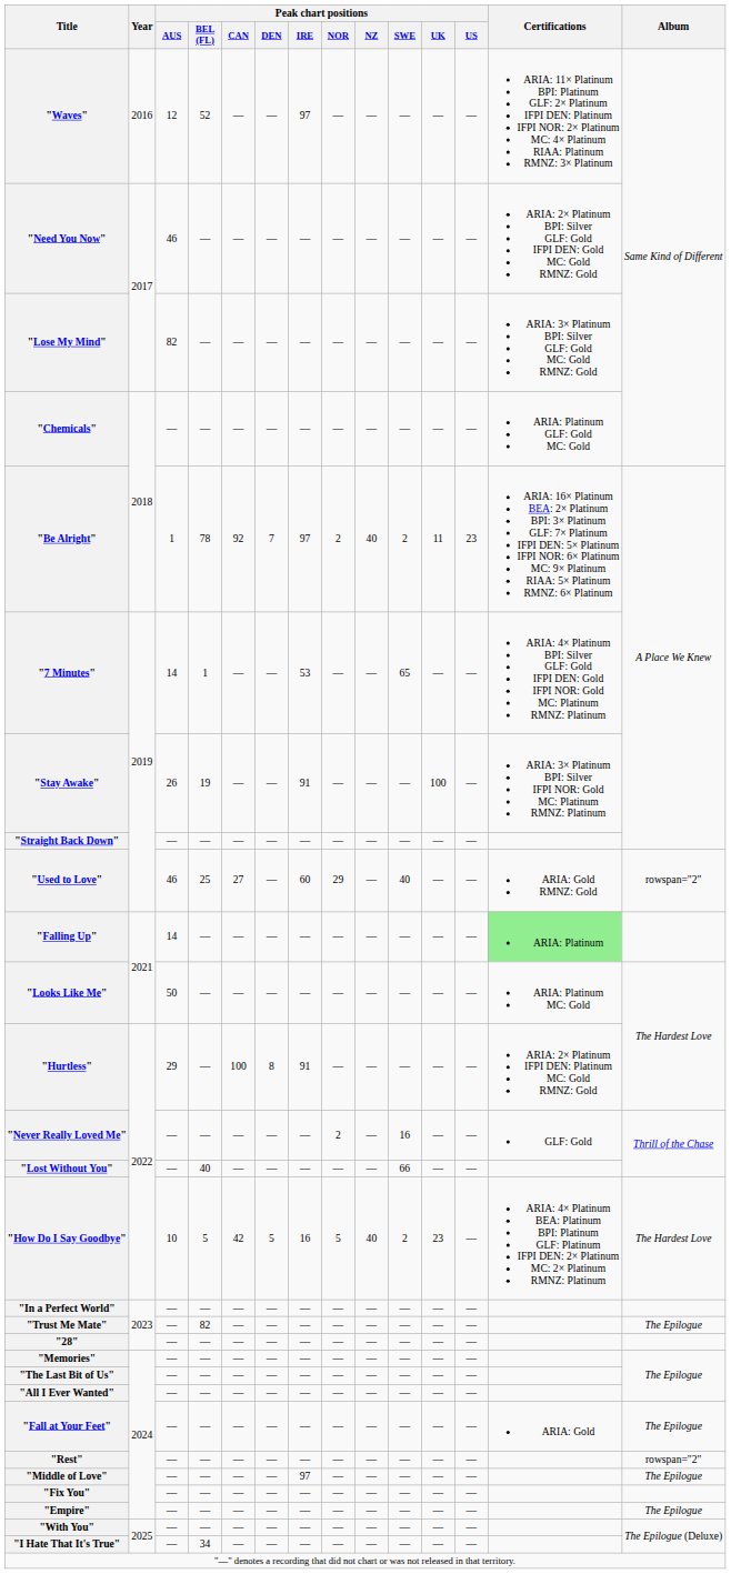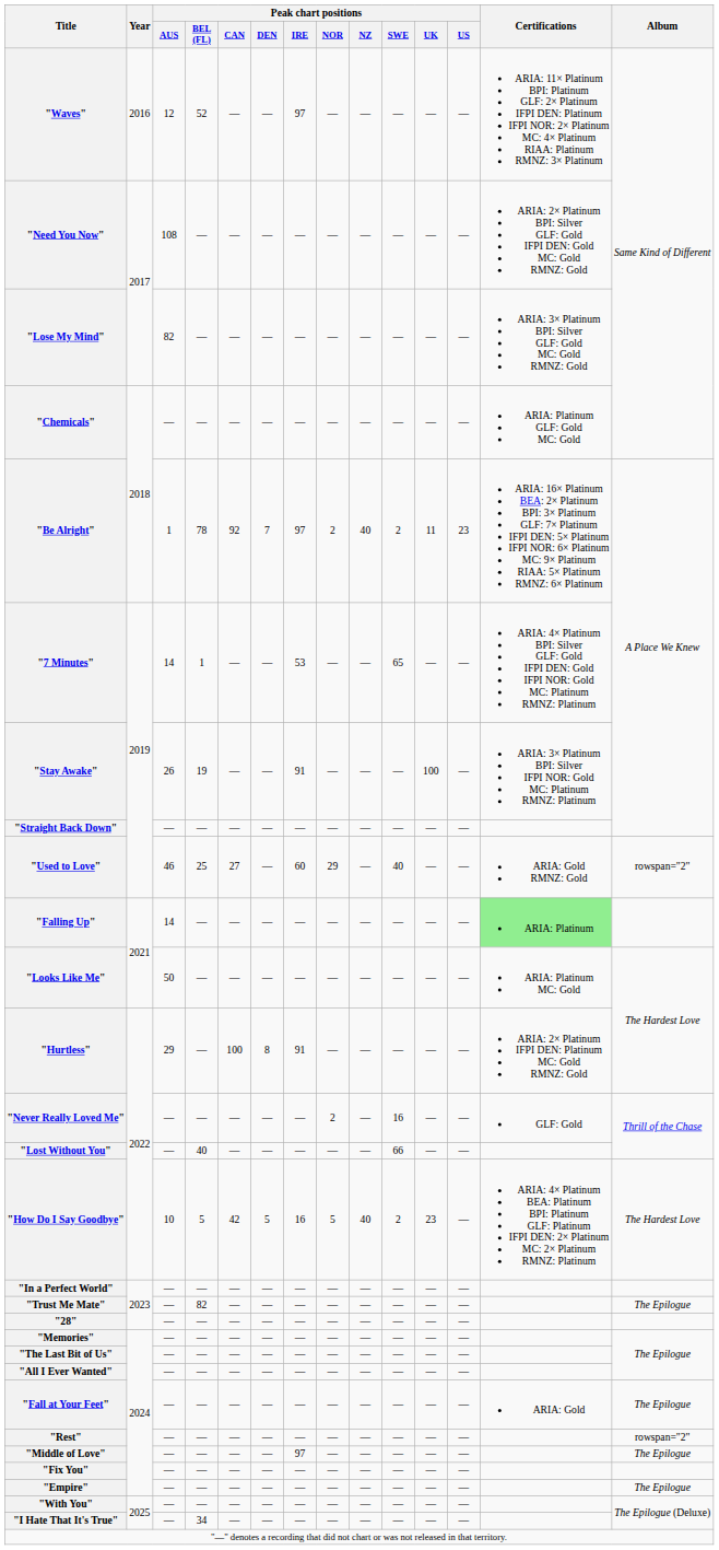 <table class="wikitable plainrowheaders" style="text-align:center;">
 <tr>
 <th scope="col" rowspan="2">Title</th>
 <th scope="col" rowspan="2">Year</th>
 <th scope="col" colspan="10">Peak chart positions</th>
 <th scope="col" rowspan="2">Certifications</th>
 <th scope="col" rowspan="2">Album</th>
 </tr>
 <tr>
 <th scope="col" style="width:3em;font-size:90%;"><a href='#'>AUS</a><br></th>
 <th scope="col" style="width:3em;font-size:90%;"><a href='#'>BEL<br>(FL)</a><br></th>
 <th scope="col" style="width:3em;font-size:90%;"><a href='#'>CAN</a><br></th>
 <th scope="col" style="width:3em;font-size:90%;"><a href='#'>DEN</a><br></th>
 <th scope="col" style="width:3em;font-size:90%;"><a href='#'>IRE</a><br></th>
 <th scope="col" style="width:3em;font-size:90%;"><a href='#'>NOR</a><br></th>
 <th scope="col" style="width:3em;font-size:90%;"><a href='#'>NZ</a><br></th>
 <th scope="col" style="width:3em;font-size:90%;"><a href='#'>SWE</a><br></th>
 <th scope="col" style="width:3em;font-size:90%;"><a href='#'>UK</a><br></th>
 <th scope="col" style="width:3em;font-size:90%;"><a href='#'>US</a><br></th>
 </tr>
 <tr>
 <th scope="row">"<a href='#'>Waves</a>"</th>
 <td>2016</td>
 <td>12</td>
 <td>52</td>
 <td>—</td>
 <td>—</td>
 <td>97</td>
 <td>—</td>
 <td>—</td>
 <td>—</td>
 <td>—</td>
 <td>—</td>
 <td><br><ul><li>ARIA: 11× Platinum</li><li>BPI: Platinum</li><li>GLF: 2× Platinum</li><li>IFPI DEN: Platinum</li><li>IFPI NOR: 2× Platinum</li><li>MC: 4× Platinum</li><li>RIAA: Platinum</li><li>RMNZ: 3× Platinum</li></ul></td>
 <td rowspan="4"><em>Same Kind of Different</em></td>
 </tr>
 <tr>
 <th scope="row">"<a href='#'>Need You Now</a>"</th>
 <td rowspan="2">2017</td>
-<td>46</td>
+<td>108</td>
 <td>—</td>
 <td>—</td>
 <td>—</td>
 <td>—</td>
 <td>—</td>
 <td>—</td>
 <td>—</td>
 <td>—</td>
 <td>—</td>
 <td><br><ul><li>ARIA: 2× Platinum</li><li>BPI: Silver</li><li>GLF: Gold</li><li>IFPI DEN: Gold</li><li>MC: Gold</li><li>RMNZ: Gold</li></ul></td>
 </tr>
 <tr>
 <th scope="row">"<a href='#'>Lose My Mind</a>"</th>
 <td>82</td>
 <td>—</td>
 <td>—</td>
 <td>—</td>
 <td>—</td>
 <td>—</td>
 <td>—</td>
 <td>—</td>
 <td>—</td>
 <td>—</td>
 <td><br><ul><li>ARIA: 3× Platinum</li><li>BPI: Silver</li><li>GLF: Gold</li><li>MC: Gold</li><li>RMNZ: Gold</li></ul></td>
 </tr>
 <tr>
 <th scope="row">"<a href='#'>Chemicals</a>"</th>
 <td rowspan="2">2018</td>
 <td>—</td>
 <td>—</td>
 <td>—</td>
 <td>—</td>
 <td>—</td>
 <td>—</td>
 <td>—</td>
 <td>—</td>
 <td>—</td>
 <td>—</td>
 <td><br><ul><li>ARIA: Platinum</li><li>GLF: Gold</li><li>MC: Gold</li></ul></td>
 </tr>
 <tr>
 <th scope="row">"<a href='#'>Be Alright</a>"</th>
 <td>1</td>
 <td>78</td>
 <td>92</td>
 <td>7</td>
 <td>97</td>
 <td>2</td>
 <td>40</td>
 <td>2</td>
 <td>11</td>
 <td>23</td>
 <td><br><ul><li>ARIA: 16× Platinum</li><li><a href='#'>BEA</a>: 2× Platinum</li><li>BPI: 3× Platinum</li><li>GLF: 7× Platinum</li><li>IFPI DEN: 5× Platinum</li><li>IFPI NOR: 6× Platinum</li><li>MC: 9× Platinum</li><li>RIAA: 5× Platinum</li><li>RMNZ: 6× Platinum</li></ul></td>
 <td rowspan="4"><em>A Place We Knew</em></td>
 </tr>
 <tr>
 <th scope="row">"<a href='#'>7 Minutes</a>"</th>
 <td rowspan="4">2019</td>
 <td>14</td>
 <td>1</td>
 <td>—</td>
 <td>—</td>
 <td>53</td>
 <td>—</td>
 <td>—</td>
 <td>65</td>
 <td>—</td>
 <td>—</td>
 <td><br><ul><li>ARIA: 4× Platinum</li><li>BPI: Silver</li><li>GLF: Gold</li><li>IFPI DEN: Gold</li><li>IFPI NOR: Gold</li><li>MC: Platinum</li><li>RMNZ: Platinum</li></ul></td>
 </tr>
 <tr>
 <th scope="row">"<a href='#'>Stay Awake</a>"</th>
 <td>26</td>
 <td>19</td>
 <td>—</td>
 <td>—</td>
 <td>91</td>
 <td>—</td>
 <td>—</td>
 <td>—</td>
 <td>100</td>
 <td>—</td>
 <td><br><ul><li>ARIA: 3× Platinum</li><li>BPI: Silver</li><li>IFPI NOR: Gold</li><li>MC: Platinum</li><li>RMNZ: Platinum</li></ul></td>
 </tr>
 <tr>
 <th scope="row">"<a href='#'>Straight Back Down</a>"</th>
 <td>—</td>
 <td>—</td>
 <td>—</td>
 <td>—</td>
 <td>—</td>
 <td>—</td>
 <td>—</td>
 <td>—</td>
 <td>—</td>
 <td>—</td>
 <td></td>
 </tr>
 <tr>
 <th scope="row">"<a href='#'>Used to Love</a>"<br></th>
 <td>46</td>
 <td>25</td>
 <td>27</td>
 <td>―</td>
 <td>60</td>
 <td>29</td>
 <td>―</td>
 <td>40</td>
 <td>―</td>
 <td>―</td>
 <td><br><ul><li>ARIA: Gold</li><li>RMNZ: Gold</li></ul></td>
 <td>rowspan="2" </td>
 </tr>
 <tr>
 <th scope="row">"<a href='#'>Falling Up</a>"</th>
 <td rowspan="2">2021</td>
 <td>14</td>
 <td>—</td>
 <td>—</td>
 <td>—</td>
 <td>—</td>
 <td>—</td>
 <td>—</td>
 <td>—</td>
 <td>—</td>
 <td>—</td>
 <td style="background: lightgreen;"><br><ul><li>ARIA: Platinum</li></ul></td>
 </tr>
 <tr>
 <th scope="row">"<a href='#'>Looks Like Me</a>"</th>
 <td>50</td>
 <td>—</td>
 <td>—</td>
 <td>—</td>
 <td>—</td>
 <td>—</td>
 <td>—</td>
 <td>—</td>
 <td>—</td>
 <td>—</td>
 <td><br><ul><li>ARIA: Platinum</li><li>MC: Gold</li></ul></td>
 <td rowspan="2"><em>The Hardest Love</em></td>
 </tr>
 <tr>
 <th scope="row">"<a href='#'>Hurtless</a>"</th>
 <td rowspan="4">2022</td>
 <td>29</td>
 <td>—</td>
 <td>100</td>
 <td>8</td>
 <td>91</td>
 <td>—</td>
 <td>—</td>
 <td>—</td>
 <td>—</td>
 <td>—</td>
 <td><br><ul><li>ARIA: 2× Platinum</li><li>IFPI DEN: Platinum</li><li>MC: Gold</li><li>RMNZ: Gold</li></ul></td>
 </tr>
 <tr>
 <th scope="row">"<a href='#'>Never Really Loved Me</a>"<br></th>
 <td>—</td>
 <td>—</td>
 <td>—</td>
 <td>—</td>
 <td>—</td>
 <td>2</td>
 <td>—</td>
 <td>16</td>
 <td>—</td>
 <td>—</td>
 <td><br><ul><li>GLF: Gold</li></ul></td>
 <td rowspan="2"><em><a href='#'>Thrill of the Chase</a></em></td>
 </tr>
 <tr>
 <th scope="row">"<a href='#'>Lost Without You</a>"<br></th>
 <td>—</td>
 <td>40</td>
 <td>—</td>
 <td>—</td>
 <td>—</td>
 <td>—</td>
 <td>—</td>
 <td>66</td>
 <td>—</td>
 <td>—</td>
 <td></td>
 </tr>
 <tr>
 <th scope="row">"<a href='#'>How Do I Say Goodbye</a>"</th>
 <td>10</td>
 <td>5</td>
 <td>42</td>
 <td>5</td>
 <td>16</td>
 <td>5</td>
 <td>40</td>
 <td>2</td>
 <td>23</td>
 <td>—</td>
 <td><br><ul><li>ARIA: 4× Platinum</li><li>BEA: Platinum</li><li>BPI: Platinum</li><li>GLF: Platinum</li><li>IFPI DEN: 2× Platinum</li><li>MC: 2× Platinum</li><li>RMNZ: Platinum</li></ul></td>
 <td><em>The Hardest Love</em></td>
 </tr>
 <tr>
 <th scope="row">"In a Perfect World"<br></th>
 <td rowspan="3">2023</td>
 <td>—</td>
 <td>—</td>
 <td>—</td>
 <td>—</td>
 <td>—</td>
 <td>—</td>
 <td>—</td>
 <td>—</td>
 <td>—</td>
 <td>—</td>
 <td></td>
 <td></td>
 </tr>
 <tr>
 <th scope="row">"Trust Me Mate"</th>
 <td>—</td>
 <td>82</td>
 <td>—</td>
 <td>—</td>
 <td>—</td>
 <td>—</td>
 <td>—</td>
 <td>—</td>
 <td>—</td>
 <td>—</td>
 <td></td>
 <td><em>The Epilogue</em></td>
 </tr>
 <tr>
 <th scope="row">"28"<br></th>
 <td>—</td>
 <td>—</td>
 <td>—</td>
 <td>—</td>
 <td>—</td>
 <td>—</td>
 <td>—</td>
 <td>—</td>
 <td>—</td>
 <td>—</td>
 <td></td>
 <td></td>
 </tr>
 <tr>
 <th scope="row">"Memories"</th>
 <td rowspan="8">2024</td>
 <td>—</td>
 <td>—</td>
 <td>—</td>
 <td>—</td>
 <td>—</td>
 <td>—</td>
 <td>—</td>
 <td>—</td>
 <td>—</td>
 <td>—</td>
 <td></td>
 <td rowspan="3"><em>The Epilogue</em></td>
 </tr>
 <tr>
 <th scope="row">"The Last Bit of Us"</th>
 <td>—</td>
 <td>—</td>
 <td>—</td>
 <td>—</td>
 <td>—</td>
 <td>—</td>
 <td>—</td>
 <td>—</td>
 <td>—</td>
 <td>—</td>
 <td></td>
 </tr>
 <tr>
 <th scope="row">"All I Ever Wanted"</th>
 <td>—</td>
 <td>—</td>
 <td>—</td>
 <td>—</td>
 <td>—</td>
 <td>—</td>
 <td>—</td>
 <td>—</td>
 <td>—</td>
 <td>—</td>
 <td></td>
 </tr>
 <tr>
 <th scope="row">"<a href='#'>Fall at Your Feet</a>"<br></th>
 <td>—</td>
 <td>—</td>
 <td>—</td>
 <td>—</td>
 <td>—</td>
 <td>—</td>
 <td>—</td>
 <td>—</td>
 <td>—</td>
 <td>—</td>
 <td><br><ul><li>ARIA: Gold</li></ul></td>
 <td><em>The Epilogue</em></td>
 </tr>
 <tr>
 <th scope="row">"Rest" <br></th>
 <td>—</td>
 <td>—</td>
 <td>—</td>
 <td>—</td>
 <td>—</td>
 <td>—</td>
 <td>—</td>
 <td>—</td>
 <td>—</td>
 <td>—</td>
 <td></td>
 <td>rowspan="2" </td>
 </tr>
 <tr>
 <th scope="row">"Middle of Love"<br></th>
 <td>—</td>
 <td>—</td>
 <td>—</td>
 <td>—</td>
 <td>97<br></td>
 <td>—</td>
 <td>—</td>
 <td>—</td>
 <td>—</td>
 <td>—</td>
 <td></td>
 <td><em>The Epilogue</em></td>
 </tr>
 <tr>
 <th scope="row">"Fix You"<br></th>
 <td>—</td>
 <td>—</td>
 <td>—</td>
 <td>—</td>
 <td>—</td>
 <td>—</td>
 <td>—</td>
 <td>—</td>
 <td>—</td>
 <td>—</td>
 <td></td>
 </tr>
 <tr>
 <th scope="row">"Empire"</th>
 <td>—</td>
 <td>—</td>
 <td>—</td>
 <td>—</td>
 <td>—</td>
 <td>—</td>
 <td>—</td>
 <td>—</td>
 <td>—</td>
 <td>—</td>
 <td></td>
 <td><em>The Epilogue</em></td>
 </tr>
 <tr>
 <th scope="row">"With You"</th>
 <td rowspan="2">2025</td>
 <td>—</td>
 <td>—</td>
 <td>—</td>
 <td>—</td>
 <td>—</td>
 <td>—</td>
 <td>—</td>
 <td>—</td>
 <td>—</td>
 <td>—</td>
 <td></td>
 <td rowspan="2"><em>The Epilogue</em> (Deluxe)</td>
 </tr>
 <tr>
 <th scope="row">"I Hate That It's True"</th>
 <td>—</td>
 <td>34</td>
 <td>—</td>
 <td>—</td>
 <td>—</td>
 <td>—</td>
 <td>—</td>
 <td>—</td>
 <td>—</td>
 <td>—</td>
 <td></td>
 </tr>
 <tr>
 <td colspan="15" style="font-size:90%;">"—" denotes a recording that did not chart or was not released in that territory.</td>
 </tr>
 </table>
